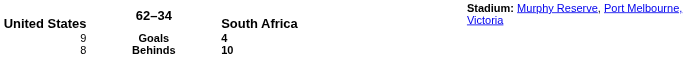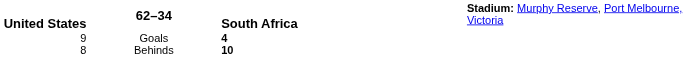 <table style="width: 100%; background: transparent;" cellspacing="0">
 <tr>
 <td align=center valign=top rowspan=3 width=15%></td>
 </tr>
 <tr>
 <td width=24% align=right><br><strong>United States</strong></td>
 <td align=center width=13%><strong>62–34</strong></td>
 <td width=24%><br><strong>South Africa</strong></td>
 <td style=font-size:85% rowspan=2 valign=top><strong>Stadium:</strong> <a href='#'>Murphy Reserve</a>, <a href='#'>Port Melbourne, Victoria</a></td>
 </tr>
 <tr style=font-size:85%>
 <td align=right valign=top>9<br> 8</td>
-<td align=center valign=top><strong>Goals <br>Behinds</strong></td>
+<td align=center valign=top>Goals <br>Behinds</td>
 <td valign=top><strong>4<br> 10</strong></td>
 </tr>
 </table>
